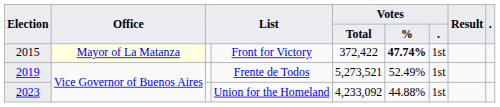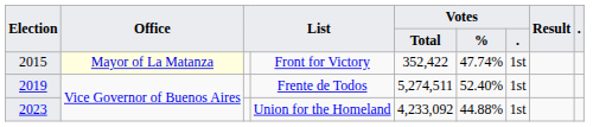 <table class="wikitable" style="font-size:90%; text-align:center;">
 <tr>
 <th style="background-color:#EAECF0;" rowspan=2>Election</th>
 <th style="background-color:#EAECF0;" rowspan=2>Office</th>
 <th style="background-color:#EAECF0;" colspan=2 rowspan=2>List</th>
 <th style="background-color:#EAECF0;" colspan=3>Votes</th>
 <th style="background-color:#EAECF0;" rowspan=2>Result</th>
 <th style="background-color:#EAECF0;" rowspan=2>.</th>
 </tr>
 <tr>
 <th style="background-color:#EAECF0;">Total</th>
 <th style="background-color:#EAECF0;">%</th>
 <th style="background-color:#EAECF0;">.</th>
 </tr>
 <tr>
 <td style="background-color:#EAECF0;">2015</td>
 <td style="background: lightyellow;"><a href='#'>Mayor of La Matanza</a></td>
 <td style="background-color:"></td>
 <td><a href='#'>Front for Victory</a></td>
-<td>372,422</td>
-<td><strong>47.74%</strong></td>
+<td>352,422</td>
+<td>47.74%</td>
 <td>1st</td>
 <td></td>
 <td></td>
 </tr>
 <tr>
 <td style="background-color:#EAECF0;"><a href='#'>2019</a></td>
 <td rowspan="2"><a href='#'>Vice Governor of Buenos Aires</a></td>
 <td style="background-color:"></td>
 <td><a href='#'>Frente de Todos</a></td>
-<td>5,273,521</td>
-<td>52.49%</td>
+<td>5,274,511</td>
+<td>52.40%</td>
 <td>1st</td>
 <td></td>
 <td></td>
 </tr>
 <tr>
 <td style="background-color:#EAECF0;"><a href='#'>2023</a></td>
 <td style="background-color:"></td>
 <td><a href='#'>Union for the Homeland</a></td>
 <td>4,233,092</td>
 <td>44.88%</td>
 <td>1st</td>
 <td></td>
 <td></td>
 </tr>
 </table>
